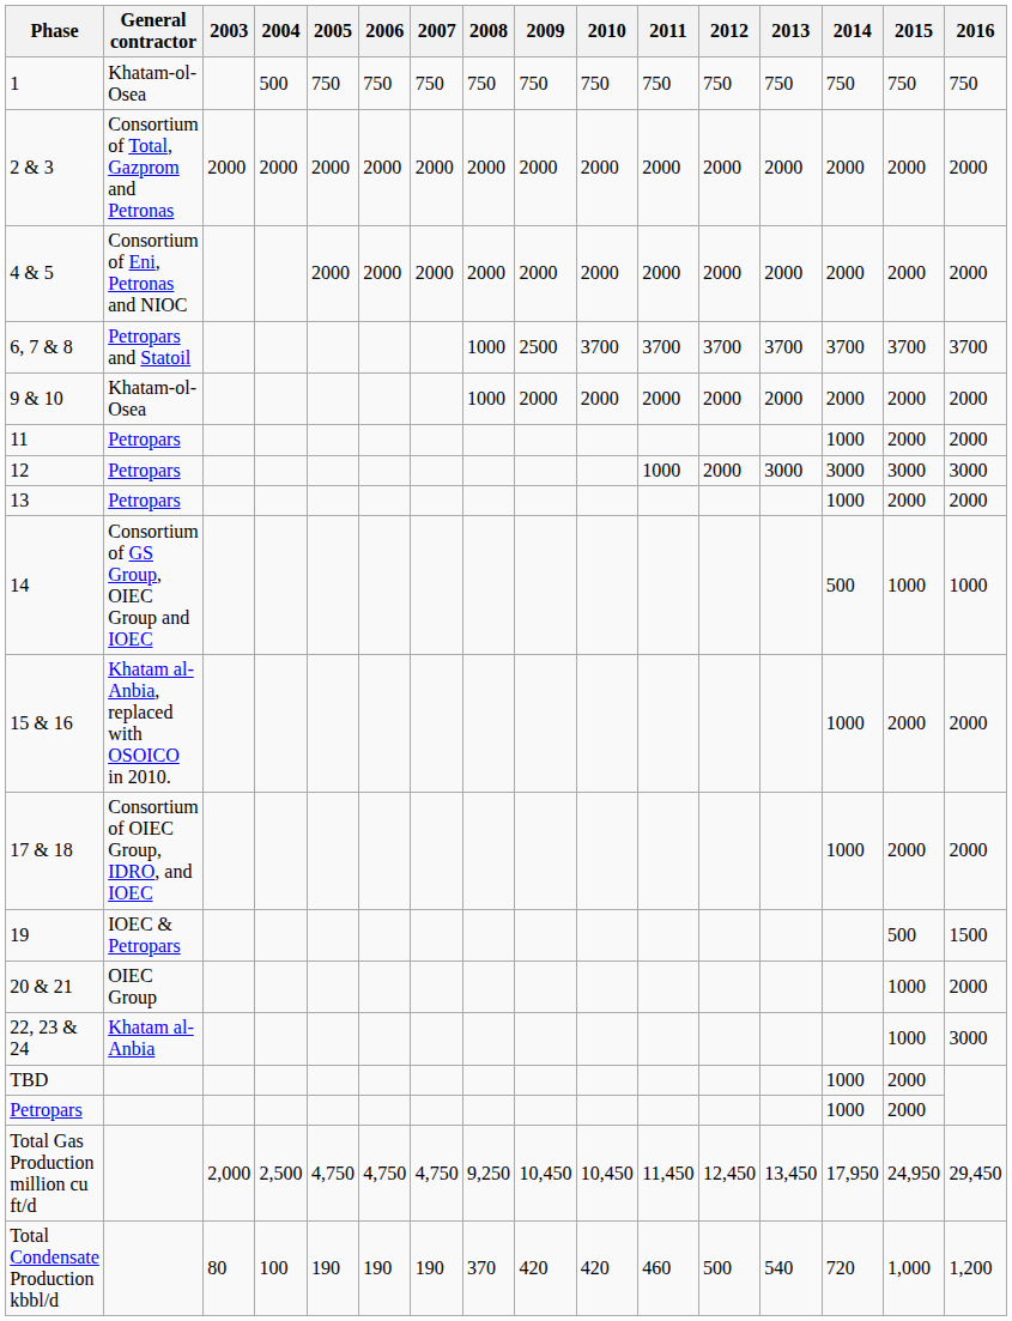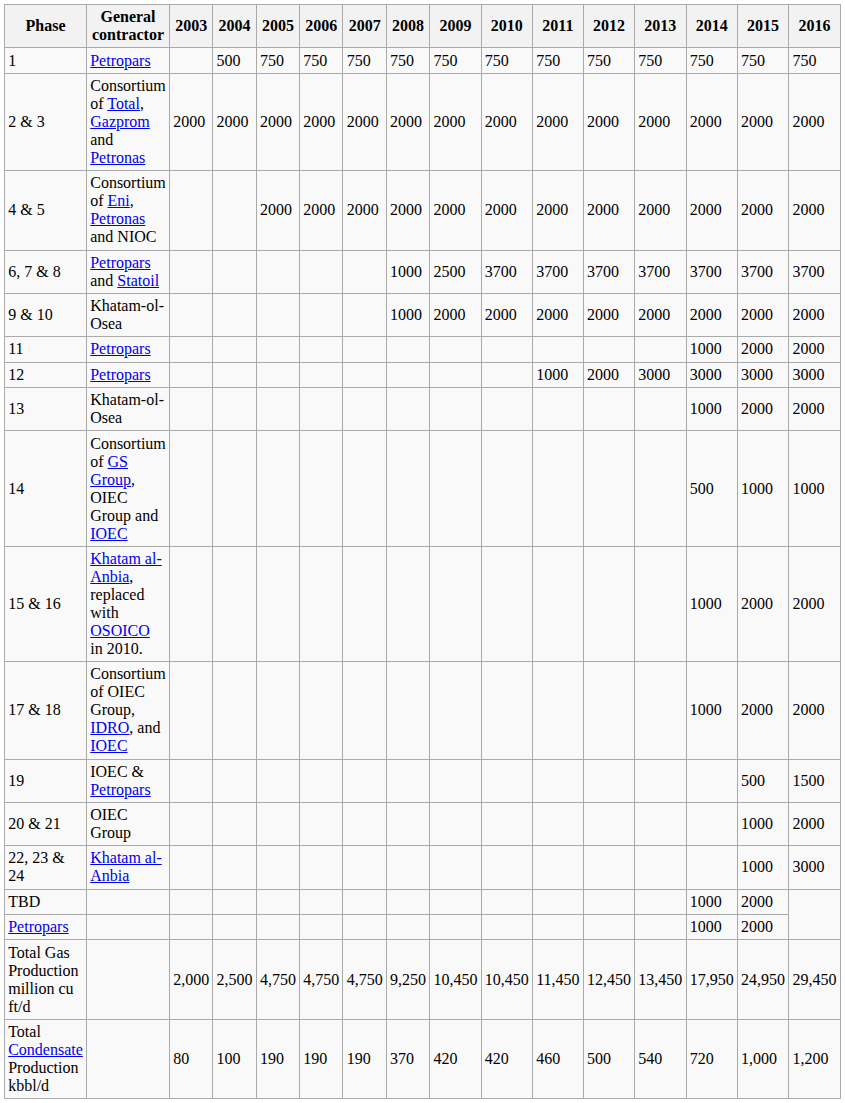 <table class="wikitable"  style="width:40%; text-align:left;">
 <tr>
 <th>Phase</th>
 <th>General contractor</th>
 <th>2003</th>
 <th>2004</th>
 <th>2005</th>
 <th>2006</th>
 <th>2007</th>
 <th>2008</th>
 <th>2009</th>
 <th>2010</th>
 <th>2011</th>
 <th>2012</th>
 <th>2013</th>
 <th>2014</th>
 <th>2015</th>
 <th>2016</th>
 </tr>
 <tr>
 <td>1</td>
-<td>Khatam-ol-Osea</td>
+<td><a href='#'>Petropars</a></td>
 <td></td>
 <td>500</td>
 <td>750</td>
 <td>750</td>
 <td>750</td>
 <td>750</td>
 <td>750</td>
 <td>750</td>
 <td>750</td>
 <td>750</td>
 <td>750</td>
 <td>750</td>
 <td>750</td>
 <td>750</td>
 </tr>
 <tr>
 <td>2 & 3</td>
 <td>Consortium of <a href='#'>Total</a>, <a href='#'>Gazprom</a> and <a href='#'>Petronas</a></td>
 <td>2000</td>
 <td>2000</td>
 <td>2000</td>
 <td>2000</td>
 <td>2000</td>
 <td>2000</td>
 <td>2000</td>
 <td>2000</td>
 <td>2000</td>
 <td>2000</td>
 <td>2000</td>
 <td>2000</td>
 <td>2000</td>
 <td>2000</td>
 </tr>
 <tr>
 <td>4 & 5</td>
 <td>Consortium of <a href='#'>Eni</a>, <a href='#'>Petronas</a> and NIOC</td>
 <td></td>
 <td></td>
 <td>2000</td>
 <td>2000</td>
 <td>2000</td>
 <td>2000</td>
 <td>2000</td>
 <td>2000</td>
 <td>2000</td>
 <td>2000</td>
 <td>2000</td>
 <td>2000</td>
 <td>2000</td>
 <td>2000</td>
 </tr>
 <tr>
 <td>6, 7 & 8</td>
 <td><a href='#'>Petropars</a> and <a href='#'>Statoil</a></td>
 <td></td>
 <td></td>
 <td></td>
 <td></td>
 <td></td>
 <td>1000</td>
 <td>2500</td>
 <td>3700</td>
 <td>3700</td>
 <td>3700</td>
 <td>3700</td>
 <td>3700</td>
 <td>3700</td>
 <td>3700</td>
 </tr>
 <tr>
 <td>9 & 10</td>
 <td>Khatam-ol-Osea</td>
 <td></td>
 <td></td>
 <td></td>
 <td></td>
 <td></td>
 <td>1000</td>
 <td>2000</td>
 <td>2000</td>
 <td>2000</td>
 <td>2000</td>
 <td>2000</td>
 <td>2000</td>
 <td>2000</td>
 <td>2000</td>
 </tr>
 <tr>
 <td>11</td>
 <td><a href='#'>Petropars</a></td>
 <td></td>
 <td></td>
 <td></td>
 <td></td>
 <td></td>
 <td></td>
 <td></td>
 <td></td>
 <td></td>
 <td></td>
 <td></td>
 <td>1000</td>
 <td>2000</td>
 <td>2000</td>
 </tr>
 <tr>
 <td>12</td>
 <td><a href='#'>Petropars</a></td>
 <td></td>
 <td></td>
 <td></td>
 <td></td>
 <td></td>
 <td></td>
 <td></td>
 <td></td>
 <td>1000</td>
 <td>2000</td>
 <td>3000</td>
 <td>3000</td>
 <td>3000</td>
 <td>3000</td>
 </tr>
 <tr>
 <td>13</td>
-<td><a href='#'>Petropars</a></td>
+<td>Khatam-ol-Osea</td>
 <td></td>
 <td></td>
 <td></td>
 <td></td>
 <td></td>
 <td></td>
 <td></td>
 <td></td>
 <td></td>
 <td></td>
 <td></td>
 <td>1000</td>
 <td>2000</td>
 <td>2000</td>
 </tr>
 <tr>
 <td>14</td>
 <td>Consortium of <a href='#'>GS Group</a>, OIEC Group and <a href='#'>IOEC</a></td>
 <td></td>
 <td></td>
 <td></td>
 <td></td>
 <td></td>
 <td></td>
 <td></td>
 <td></td>
 <td></td>
 <td></td>
 <td></td>
 <td>500</td>
 <td>1000</td>
 <td>1000</td>
 </tr>
 <tr>
 <td>15 & 16</td>
 <td><a href='#'>Khatam al-Anbia</a>, replaced with <a href='#'>OSOICO</a> in 2010.</td>
 <td></td>
 <td></td>
 <td></td>
 <td></td>
 <td></td>
 <td></td>
 <td></td>
 <td></td>
 <td></td>
 <td></td>
 <td></td>
 <td>1000</td>
 <td>2000</td>
 <td>2000</td>
 </tr>
 <tr>
 <td>17 & 18</td>
 <td>Consortium of OIEC Group, <a href='#'>IDRO</a>, and <a href='#'>IOEC</a></td>
 <td></td>
 <td></td>
 <td></td>
 <td></td>
 <td></td>
 <td></td>
 <td></td>
 <td></td>
 <td></td>
 <td></td>
 <td></td>
 <td>1000</td>
 <td>2000</td>
 <td>2000</td>
 </tr>
 <tr>
 <td>19</td>
 <td>IOEC & <a href='#'>Petropars</a></td>
 <td></td>
 <td></td>
 <td></td>
 <td></td>
 <td></td>
 <td></td>
 <td></td>
 <td></td>
 <td></td>
 <td></td>
 <td></td>
 <td></td>
 <td>500</td>
 <td>1500</td>
 </tr>
 <tr>
 <td>20 & 21</td>
 <td>OIEC Group</td>
 <td></td>
 <td></td>
 <td></td>
 <td></td>
 <td></td>
 <td></td>
 <td></td>
 <td></td>
 <td></td>
 <td></td>
 <td></td>
 <td></td>
 <td>1000</td>
 <td>2000</td>
 </tr>
 <tr>
 <td>22, 23 & 24</td>
 <td><a href='#'>Khatam al-Anbia</a></td>
 <td></td>
 <td></td>
 <td></td>
 <td></td>
 <td></td>
 <td></td>
 <td></td>
 <td></td>
 <td></td>
 <td></td>
 <td></td>
 <td></td>
 <td>1000</td>
 <td>3000</td>
 </tr>
 <tr>
 <td>TBD</td>
 <td></td>
 <td></td>
 <td></td>
 <td></td>
 <td></td>
 <td></td>
 <td></td>
 <td></td>
 <td></td>
 <td></td>
 <td></td>
 <td></td>
 <td>1000</td>
 <td>2000</td>
 </tr>
 <tr>
 <td><a href='#'>Petropars</a></td>
 <td></td>
 <td></td>
 <td></td>
 <td></td>
 <td></td>
 <td></td>
 <td></td>
 <td></td>
 <td></td>
 <td></td>
 <td></td>
 <td></td>
 <td>1000</td>
 <td>2000</td>
 </tr>
 <tr>
 <td>Total Gas Production million cu ft/d</td>
 <td></td>
 <td>2,000</td>
 <td>2,500</td>
 <td>4,750</td>
 <td>4,750</td>
 <td>4,750</td>
 <td>9,250</td>
 <td>10,450</td>
 <td>10,450</td>
 <td>11,450</td>
 <td>12,450</td>
 <td>13,450</td>
 <td>17,950</td>
 <td>24,950</td>
 <td>29,450</td>
 </tr>
 <tr>
 <td>Total <a href='#'>Condensate</a> Production kbbl/d</td>
 <td></td>
 <td>80</td>
 <td>100</td>
 <td>190</td>
 <td>190</td>
 <td>190</td>
 <td>370</td>
 <td>420</td>
 <td>420</td>
 <td>460</td>
 <td>500</td>
 <td>540</td>
 <td>720</td>
 <td>1,000</td>
 <td>1,200</td>
 </tr>
 </table>
